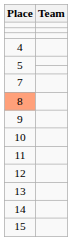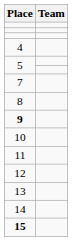 <table class="wikitable">
 <tr>
 <th>Place</th>
 <th>Team</th>
 </tr>
 <tr>
 <td align=center></td>
 <td></td>
 </tr>
 <tr>
 <td align=center></td>
 <td></td>
 </tr>
 <tr>
 <td align=center></td>
 <td></td>
 </tr>
 <tr>
 <td align=center>4</td>
 <td></td>
 </tr>
 <tr>
 <td align=center rowspan="2">5</td>
 <td></td>
 </tr>
 <tr>
 <td></td>
 </tr>
 <tr>
 <td align=center>7</td>
 <td></td>
 </tr>
 <tr>
-<td align=center style="background: lightsalmon;">8</td>
+<td align=center>8</td>
 <td></td>
 </tr>
 <tr>
-<td align=center>9</td>
+<td align=center><strong>9</strong></td>
 <td></td>
 </tr>
 <tr>
 <td align=center>10</td>
 <td></td>
 </tr>
 <tr>
 <td align=center>11</td>
 <td></td>
 </tr>
 <tr>
 <td align=center>12</td>
 <td></td>
 </tr>
 <tr>
 <td align=center>13</td>
 <td></td>
 </tr>
 <tr>
 <td align=center>14</td>
 <td></td>
 </tr>
 <tr>
-<td align=center>15</td>
+<td align=center><strong>15</strong></td>
 <td></td>
 </tr>
 </table>
